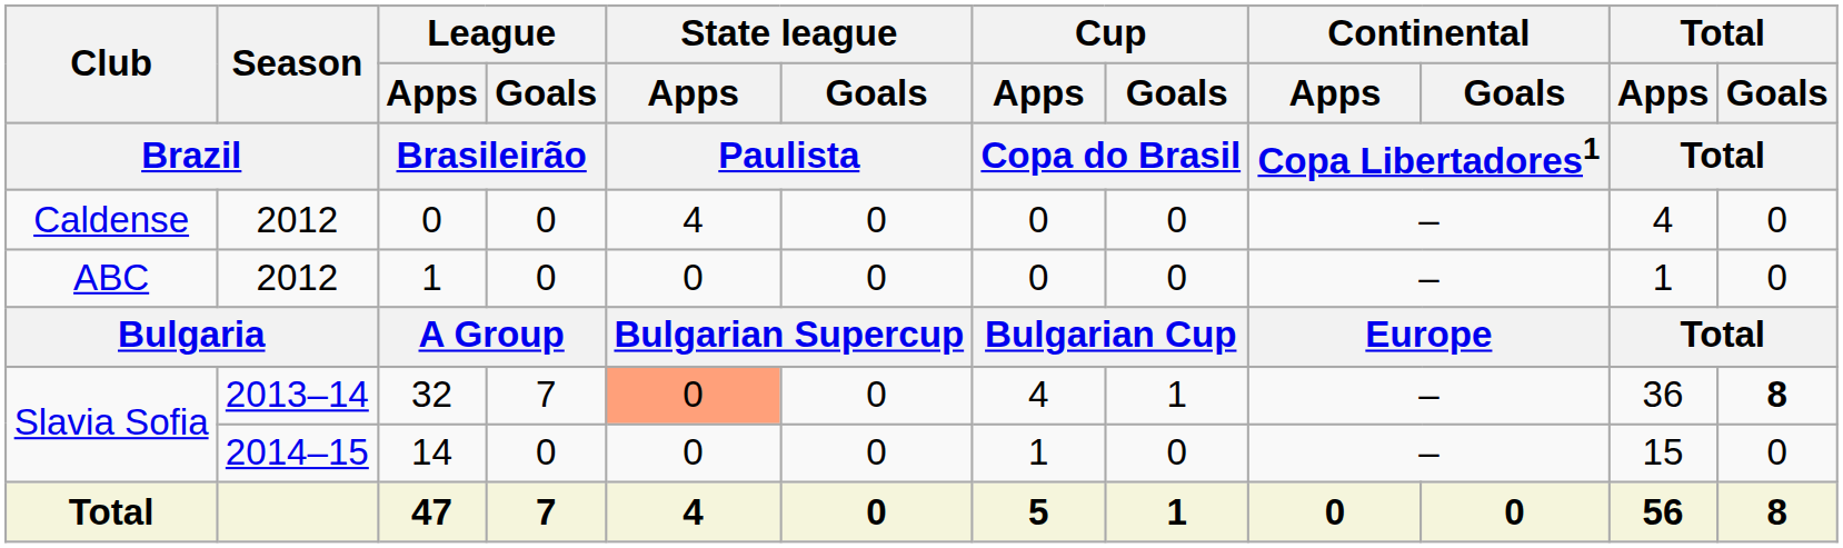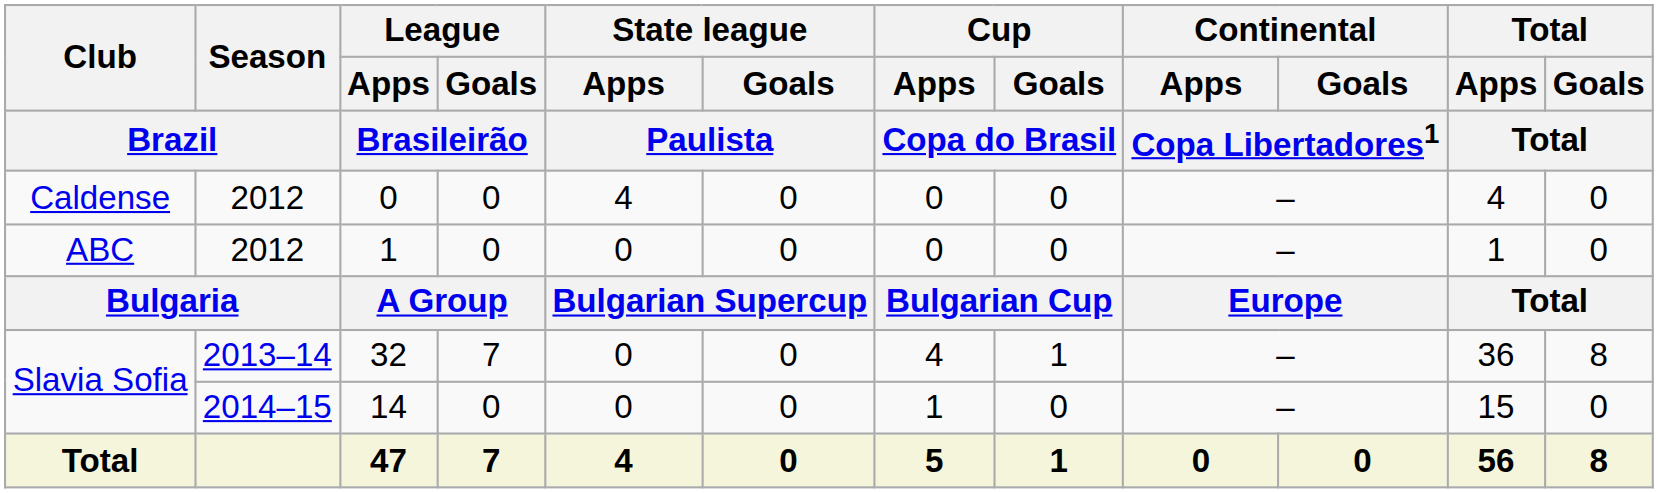 <table class="wikitable" style="text-align: center;">
 <tr>
 <th rowspan="2">Club</th>
 <th rowspan="2">Season</th>
 <th colspan="2">League</th>
 <th colspan="2">State league</th>
 <th colspan="2">Cup</th>
 <th colspan="2">Continental</th>
 <th colspan="2">Total</th>
 </tr>
 <tr>
 <th>Apps</th>
 <th>Goals</th>
 <th>Apps</th>
 <th>Goals</th>
 <th>Apps</th>
 <th>Goals</th>
 <th>Apps</th>
 <th>Goals</th>
 <th>Apps</th>
 <th>Goals</th>
 </tr>
 <tr>
 <th colspan="2"><a href='#'>Brazil</a></th>
 <th colspan="2"><a href='#'>Brasileirão</a></th>
 <th colspan="2"><a href='#'>Paulista</a></th>
 <th colspan="2"><a href='#'>Copa do Brasil</a></th>
 <th colspan="2"><a href='#'>Copa Libertadores</a><sup><span>1</span></sup></th>
 <th colspan="2">Total</th>
 </tr>
 <tr>
 <td rowspan="1"><a href='#'>Caldense</a></td>
 <td>2012</td>
 <td>0</td>
 <td>0</td>
 <td>4</td>
 <td>0</td>
 <td>0</td>
 <td>0</td>
 <td colspan="2">–</td>
 <td>4</td>
 <td>0</td>
 </tr>
 <tr>
 <td rowspan="1"><a href='#'>ABC</a></td>
 <td>2012</td>
 <td>1</td>
 <td>0</td>
 <td>0</td>
 <td>0</td>
 <td>0</td>
 <td>0</td>
 <td colspan="2">–</td>
 <td>1</td>
 <td>0</td>
 </tr>
 <tr>
 <th colspan="2"><a href='#'>Bulgaria</a></th>
 <th colspan="2"><a href='#'>A Group</a></th>
 <th colspan="2"><a href='#'>Bulgarian Supercup</a></th>
 <th colspan="2"><a href='#'>Bulgarian Cup</a></th>
 <th colspan="2"><a href='#'>Europe</a></th>
 <th colspan="2">Total</th>
 </tr>
 <tr>
 <td rowspan="2"><a href='#'>Slavia Sofia</a></td>
 <td><a href='#'>2013–14</a></td>
 <td>32</td>
 <td>7</td>
-<td style="background: lightsalmon;">0</td>
+<td>0</td>
 <td>0</td>
 <td>4</td>
 <td>1</td>
 <td colspan="2">–</td>
 <td>36</td>
-<td><strong>8</strong></td>
+<td>8</td>
 </tr>
 <tr>
 <td><a href='#'>2014–15</a></td>
 <td>14</td>
 <td>0</td>
 <td>0</td>
 <td>0</td>
 <td>1</td>
 <td>0</td>
 <td colspan="2">–</td>
 <td>15</td>
 <td>0</td>
 </tr>
 <tr>
 <th style="text-align:center; background:beige;">Total</th>
 <th style="text-align:center; background:beige;"></th>
 <th style="text-align:center; background:beige;">47</th>
 <th style="text-align:center; background:beige;">7</th>
 <th style="text-align:center; background:beige;">4</th>
 <th style="text-align:center; background:beige;">0</th>
 <th style="text-align:center; background:beige;">5</th>
 <th style="text-align:center; background:beige;">1</th>
 <th style="text-align:center; background:beige;">0</th>
 <th style="text-align:center; background:beige;">0</th>
 <th style="text-align:center; background:beige;">56</th>
 <th style="text-align:center; background:beige;">8</th>
 </tr>
 </table>
